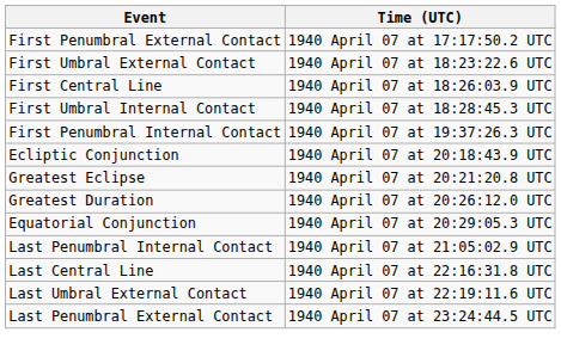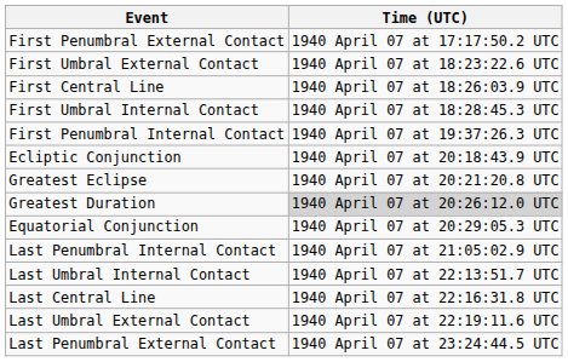 <table class="wikitable">
 <tr>
 <th>Event</th>
 <th>Time (UTC)</th>
 </tr>
 <tr>
 <td>First Penumbral External Contact</td>
 <td>1940 April 07 at 17:17:50.2 UTC</td>
 </tr>
 <tr>
 <td>First Umbral External Contact</td>
 <td>1940 April 07 at 18:23:22.6 UTC</td>
 </tr>
 <tr>
 <td>First Central Line</td>
 <td>1940 April 07 at 18:26:03.9 UTC</td>
 </tr>
 <tr>
 <td>First Umbral Internal Contact</td>
 <td>1940 April 07 at 18:28:45.3 UTC</td>
 </tr>
 <tr>
 <td>First Penumbral Internal Contact</td>
 <td>1940 April 07 at 19:37:26.3 UTC</td>
 </tr>
 <tr>
 <td>Ecliptic Conjunction</td>
 <td>1940 April 07 at 20:18:43.9 UTC</td>
 </tr>
 <tr>
 <td>Greatest Eclipse</td>
 <td>1940 April 07 at 20:21:20.8 UTC</td>
 </tr>
 <tr>
 <td>Greatest Duration</td>
-<td>1940 April 07 at 20:26:12.0 UTC</td>
+<td style="background: lightgrey;">1940 April 07 at 20:26:12.0 UTC</td>
 </tr>
 <tr>
 <td>Equatorial Conjunction</td>
 <td>1940 April 07 at 20:29:05.3 UTC</td>
 </tr>
 <tr>
 <td>Last Penumbral Internal Contact</td>
 <td>1940 April 07 at 21:05:02.9 UTC</td>
+</tr>
+<tr>
+<td>Last Umbral Internal Contact</td>
+<td>1940 April 07 at 22:13:51.7 UTC</td>
 </tr>
 <tr>
 <td>Last Central Line</td>
 <td>1940 April 07 at 22:16:31.8 UTC</td>
 </tr>
 <tr>
 <td>Last Umbral External Contact</td>
 <td>1940 April 07 at 22:19:11.6 UTC</td>
 </tr>
 <tr>
 <td>Last Penumbral External Contact</td>
 <td>1940 April 07 at 23:24:44.5 UTC</td>
 </tr>
 </table>
